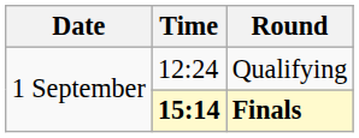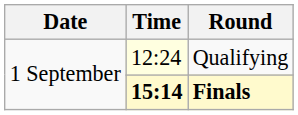 <table class="wikitable">
 <tr>
 <th>Date</th>
 <th>Time</th>
 <th>Round</th>
 </tr>
 <tr>
 <td rowspan=2>1 September</td>
-<td>12:24</td>
+<td style="background: lightyellow;">12:24</td>
 <td>Qualifying</td>
 </tr>
 <tr style="background:lemonchiffon">
 <td><strong>15:14</strong></td>
 <td><strong>Finals</strong></td>
 </tr>
 </table>
